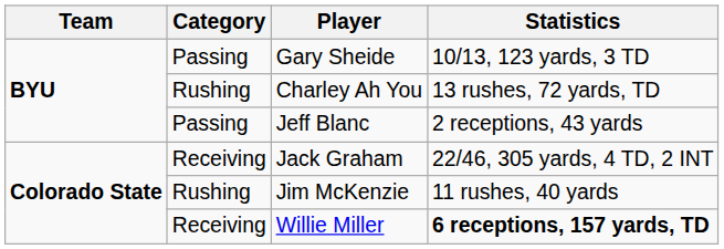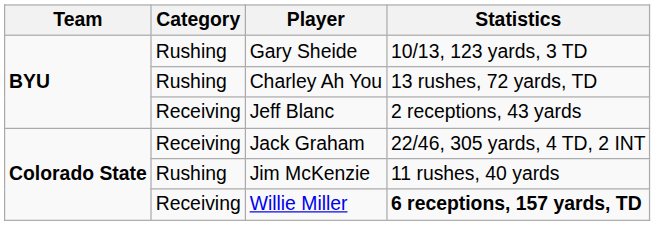 <table class="wikitable" style="float: left;">
 <tr>
 <th>Team</th>
 <th>Category</th>
 <th>Player</th>
 <th>Statistics</th>
 </tr>
 <tr>
 <td rowspan=3><strong>BYU</strong></td>
-<td>Passing</td>
+<td>Rushing</td>
 <td>Gary Sheide</td>
 <td>10/13, 123 yards, 3 TD</td>
 </tr>
 <tr>
 <td>Rushing</td>
 <td>Charley Ah You</td>
 <td>13 rushes, 72 yards, TD</td>
 </tr>
 <tr>
-<td>Passing</td>
+<td>Receiving</td>
 <td>Jeff Blanc</td>
 <td>2 receptions, 43 yards</td>
 </tr>
 <tr>
 <td rowspan=3><strong>Colorado State</strong></td>
 <td>Receiving</td>
 <td>Jack Graham</td>
 <td>22/46, 305 yards, 4 TD, 2 INT</td>
 </tr>
 <tr>
 <td>Rushing</td>
 <td>Jim McKenzie</td>
 <td>11 rushes, 40 yards</td>
 </tr>
 <tr>
 <td>Receiving</td>
 <td><a href='#'>Willie Miller</a></td>
 <td><strong>6 receptions, 157 yards, TD</strong></td>
 </tr>
 </table>
